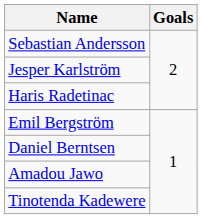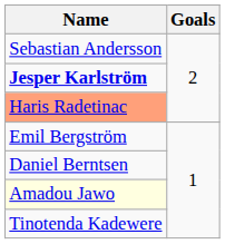 <table class="wikitable">
 <tr>
 <th>Name</th>
 <th>Goals</th>
 </tr>
 <tr>
 <td> <a href='#'>Sebastian Andersson</a></td>
 <td rowspan=3 style="text-align:center;">2</td>
 </tr>
 <tr>
-<td> <a href='#'>Jesper Karlström</a></td>
+<td><strong> <a href='#'>Jesper Karlström</a></strong></td>
 </tr>
 <tr>
-<td> <a href='#'>Haris Radetinac</a></td>
+<td style="background: lightsalmon;"> <a href='#'>Haris Radetinac</a></td>
 </tr>
 <tr>
 <td> <a href='#'>Emil Bergström</a></td>
 <td rowspan=4 style="text-align:center;">1</td>
 </tr>
 <tr>
 <td> <a href='#'>Daniel Berntsen</a></td>
 </tr>
 <tr>
-<td> <a href='#'>Amadou Jawo</a></td>
+<td style="background: lightyellow;"> <a href='#'>Amadou Jawo</a></td>
 </tr>
 <tr>
 <td> <a href='#'>Tinotenda Kadewere</a></td>
 </tr>
 </table>
